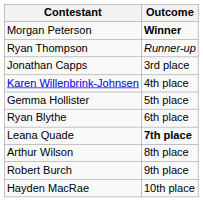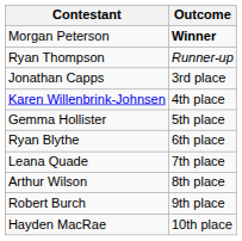 <table class="wikitable sortable">
 <tr>
 <th>Contestant</th>
 <th>Outcome</th>
 </tr>
 <tr>
 <td>Morgan Peterson</td>
 <td><strong>Winner</strong></td>
 </tr>
 <tr>
 <td>Ryan Thompson</td>
 <td><em>Runner-up</em></td>
 </tr>
 <tr>
 <td>Jonathan Capps</td>
 <td>3rd place</td>
 </tr>
 <tr>
 <td><a href='#'>Karen Willenbrink-Johnsen</a></td>
 <td>4th place</td>
 </tr>
 <tr>
 <td>Gemma Hollister</td>
 <td>5th place</td>
 </tr>
 <tr>
 <td>Ryan Blythe</td>
 <td>6th place</td>
 </tr>
 <tr>
 <td>Leana Quade</td>
-<td><strong>7th place</strong></td>
+<td>7th place</td>
 </tr>
 <tr>
 <td>Arthur Wilson</td>
 <td>8th place</td>
 </tr>
 <tr>
 <td>Robert Burch</td>
 <td>9th place</td>
 </tr>
 <tr>
 <td>Hayden MacRae</td>
 <td>10th place</td>
 </tr>
 </table>
